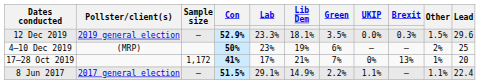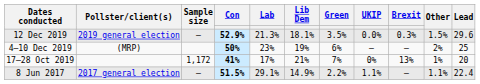 <table class="wikitable sortable mw-datatable" style="text-align:center;line-height:14px;">
 <tr>
 <th rowspan="2">Dates<br>conducted</th>
 <th rowspan="2">Pollster/client(s)</th>
 <th data-sort-type="number" rowspan="2">Sample<br>size</th>
 <th class="unsortable" style="width:50px;"><a href='#'>Con</a></th>
 <th class="unsortable" style="width:50px;"><a href='#'>Lab</a></th>
 <th class="unsortable" style="width:50px;"><a href='#'>Lib Dem</a></th>
 <th class="unsortable" style="width:50px;"><a href='#'>Green</a></th>
 <th class="unsortable" style="width:50px;"><a href='#'>UKIP</a></th>
 <th class="unsortable" style="width:50px;"><a href='#'>Brexit</a></th>
 <th class="unsortable" rowspan="2">Other</th>
 <th data-sort-type="number" rowspan="2">Lead</th>
 </tr>
 <tr>
 <th data-sort-type="number" style="background:"></th>
 <th data-sort-type="number" style="background:"></th>
 <th data-sort-type="number" style="background:"></th>
 <th data-sort-type="number" style="background:"></th>
 <th data-sort-type="number" style="background:"></th>
 <th data-sort-type="number" style="background:"></th>
 </tr>
 <tr style="background:#E9E9E9;">
 <td data-sort-value="2017-06-08">12 Dec 2019</td>
 <td><a href='#'>2019 general election</a></td>
 <td>–</td>
 <td style="background:#CCEBFF;"><strong>52.9%</strong></td>
-<td>23.3%</td>
+<td>21.3%</td>
 <td>18.1%</td>
 <td>3.5%</td>
 <td>0.0%</td>
 <td>0.3%</td>
 <td>1.5%</td>
 <td style="background:">29.6</td>
 </tr>
 <tr>
 <td data-sort-value="2019-12-10">4–10 Dec 2019</td>
 <td> (MRP)</td>
 <td></td>
 <td style="background:#CCEBFF;"><strong>50%</strong></td>
 <td>23%</td>
 <td>19%</td>
 <td>6%</td>
 <td>–</td>
 <td>–</td>
 <td>2%</td>
 <td style="background:">25</td>
 </tr>
 <tr>
 <td data-sort-value="2019-10-28">17–28 Oct 2019</td>
 <td></td>
 <td>1,172</td>
 <td style="background:#CCEBFF;"><strong>41%</strong></td>
 <td>17%</td>
 <td>21%</td>
 <td>7%</td>
 <td>0%</td>
 <td>13%</td>
 <td>1%</td>
 <td style="background:">20</td>
 </tr>
 <tr style="background:#E9E9E9;">
 <td data-sort-value="2017-06-08">8 Jun 2017</td>
 <td><a href='#'>2017 general election</a></td>
 <td>–</td>
 <td style="background:#CCEBFF;"><strong>51.5%</strong></td>
 <td>29.1%</td>
 <td>14.9%</td>
 <td>2.2%</td>
 <td>1.1%</td>
 <td>–</td>
 <td>1.1%</td>
 <td style="background:">22.4</td>
 </tr>
 </table>
